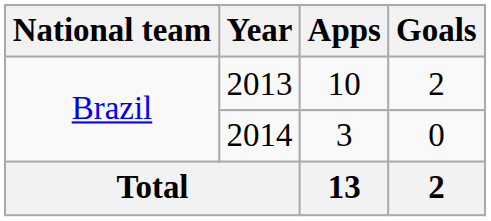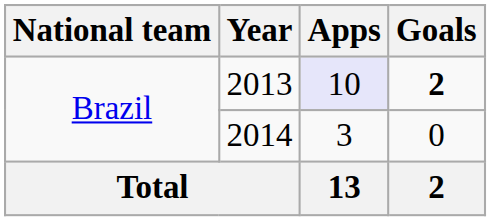 <table class="wikitable" style="text-align:center">
 <tr>
 <th>National team</th>
 <th>Year</th>
 <th>Apps</th>
 <th>Goals</th>
 </tr>
 <tr>
 <td rowspan="2"><a href='#'>Brazil</a></td>
 <td>2013</td>
-<td>10</td>
-<td>2</td>
+<td style="background: lavender;">10</td>
+<td><strong>2</strong></td>
 </tr>
 <tr>
 <td>2014</td>
 <td>3</td>
 <td>0</td>
 </tr>
 <tr>
 <th colspan="2">Total</th>
 <th>13</th>
 <th>2</th>
 </tr>
 </table>
